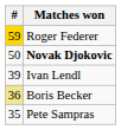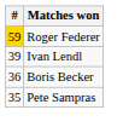 <table class="wikitable" style="display:inline-table;">
 <tr>
 <th>#</th>
 <th>Matches won</th>
 </tr>
 <tr>
 <td style="background: gold; text-align: center;">59</td>
 <td> Roger Federer</td>
 </tr>
 <tr>
-<td style="text-align: center;">50</td>
-<td> <strong>Novak Djokovic</strong></td>
-</tr>
-<tr>
 <td style="text-align: center;">39</td>
 <td> Ivan Lendl</td>
 </tr>
 <tr>
-<td style="background: khaki; text-align: center;">36</td>
+<td style="text-align: center;">36</td>
 <td> Boris Becker</td>
 </tr>
 <tr>
 <td style="text-align: center;">35</td>
 <td> Pete Sampras</td>
 </tr>
 </table>
